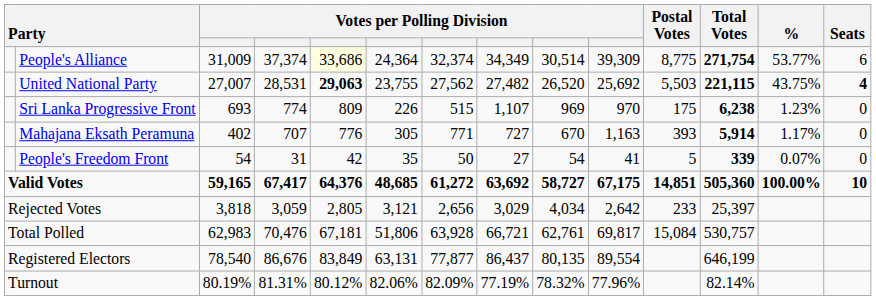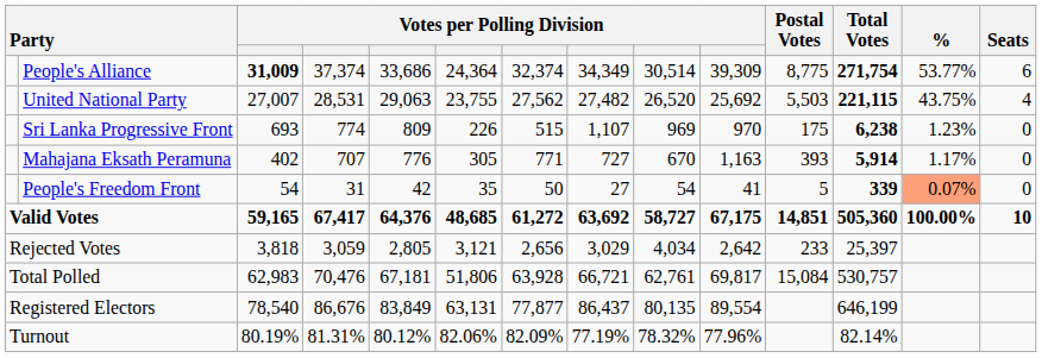 <table class="wikitable" border="1" style="text-align:right;">
 <tr>
 <th style="text-align:left; vertical-align:bottom;" rowspan="2" colspan="2">Party</th>
 <th colspan=8>Votes per Polling Division</th>
 <th rowspan="2" style="vertical-align:bottom; text-align:center; width:50px;">Postal<br>Votes</th>
 <th rowspan="2" style="vertical-align:bottom; text-align:center; width:50px;">Total Votes</th>
 <th rowspan="2" style="vertical-align:bottom; text-align:center; width:50px;">%</th>
 <th rowspan="2" style="vertical-align:bottom; text-align:center; width:40px;">Seats</th>
 </tr>
 <tr>
 <th></th>
 <th></th>
 <th></th>
 <th></th>
 <th></th>
 <th></th>
 <th></th>
 <th></th>
 </tr>
 <tr>
 <td bgcolor=> </td>
 <td align=left><a href='#'>People's Alliance</a></td>
-<td>31,009</td>
+<td><strong>31,009</strong></td>
 <td>37,374</td>
-<td style="background: lightyellow;">33,686</td>
+<td>33,686</td>
 <td>24,364</td>
 <td>32,374</td>
 <td>34,349</td>
 <td>30,514</td>
 <td>39,309</td>
 <td>8,775</td>
 <td><strong>271,754</strong></td>
 <td>53.77%</td>
 <td>6</td>
 </tr>
 <tr>
 <td bgcolor=> </td>
 <td align=left><a href='#'>United National Party</a> </td>
 <td>27,007</td>
 <td>28,531</td>
-<td><strong>29,063</strong></td>
+<td>29,063</td>
 <td>23,755</td>
 <td>27,562</td>
 <td>27,482</td>
 <td>26,520</td>
 <td>25,692</td>
 <td>5,503</td>
 <td><strong>221,115</strong></td>
 <td>43.75%</td>
-<td><strong>4</strong></td>
+<td>4</td>
 </tr>
 <tr>
 <td bgcolor=> </td>
 <td align=left><a href='#'>Sri Lanka Progressive Front</a></td>
 <td>693</td>
 <td>774</td>
 <td>809</td>
 <td>226</td>
 <td>515</td>
 <td>1,107</td>
 <td>969</td>
 <td>970</td>
 <td>175</td>
 <td><strong>6,238</strong></td>
 <td>1.23%</td>
 <td>0</td>
 </tr>
 <tr>
 <td bgcolor=> </td>
 <td align=left><a href='#'>Mahajana Eksath Peramuna</a></td>
 <td>402</td>
 <td>707</td>
 <td>776</td>
 <td>305</td>
 <td>771</td>
 <td>727</td>
 <td>670</td>
 <td>1,163</td>
 <td>393</td>
 <td><strong>5,914</strong></td>
 <td>1.17%</td>
 <td>0</td>
 </tr>
 <tr>
 <td bgcolor=> </td>
 <td align=left><a href='#'>People's Freedom Front</a></td>
 <td>54</td>
 <td>31</td>
 <td>42</td>
 <td>35</td>
 <td>50</td>
 <td>27</td>
 <td>54</td>
 <td>41</td>
 <td>5</td>
 <td><strong>339</strong></td>
-<td>0.07%</td>
+<td style="background: lightsalmon;">0.07%</td>
 <td>0</td>
 </tr>
 <tr>
 <td align=left colspan="2"><strong>Valid Votes</strong></td>
 <td><strong>59,165</strong></td>
 <td><strong>67,417</strong></td>
 <td><strong>64,376</strong></td>
 <td><strong>48,685</strong></td>
 <td><strong>61,272</strong></td>
 <td><strong>63,692</strong></td>
 <td><strong>58,727</strong></td>
 <td><strong>67,175</strong></td>
 <td><strong>14,851</strong></td>
 <td><strong>505,360</strong></td>
 <td><strong>100.00%</strong></td>
 <td><strong>10</strong></td>
 </tr>
 <tr>
 <td align=left colspan="2">Rejected Votes</td>
 <td>3,818</td>
 <td>3,059</td>
 <td>2,805</td>
 <td>3,121</td>
 <td>2,656</td>
 <td>3,029</td>
 <td>4,034</td>
 <td>2,642</td>
 <td>233</td>
 <td>25,397</td>
 <td></td>
 <td></td>
 </tr>
 <tr>
 <td align=left colspan="2">Total Polled</td>
 <td>62,983</td>
 <td>70,476</td>
 <td>67,181</td>
 <td>51,806</td>
 <td>63,928</td>
 <td>66,721</td>
 <td>62,761</td>
 <td>69,817</td>
 <td>15,084</td>
 <td>530,757</td>
 <td></td>
 <td></td>
 </tr>
 <tr>
 <td align=left colspan="2">Registered Electors</td>
 <td>78,540</td>
 <td>86,676</td>
 <td>83,849</td>
 <td>63,131</td>
 <td>77,877</td>
 <td>86,437</td>
 <td>80,135</td>
 <td>89,554</td>
 <td></td>
 <td>646,199</td>
 <td></td>
 <td></td>
 </tr>
 <tr>
 <td align=left colspan="2">Turnout</td>
 <td>80.19%</td>
 <td>81.31%</td>
 <td>80.12%</td>
 <td>82.06%</td>
 <td>82.09%</td>
 <td>77.19%</td>
 <td>78.32%</td>
 <td>77.96%</td>
 <td></td>
 <td>82.14%</td>
 <td></td>
 <td></td>
 </tr>
 </table>
